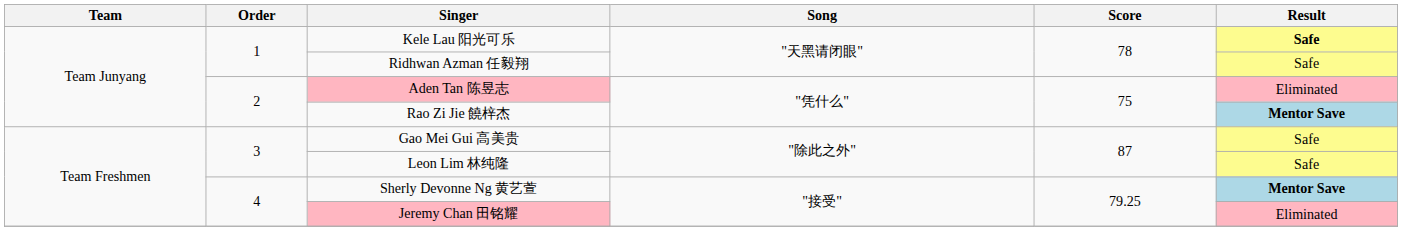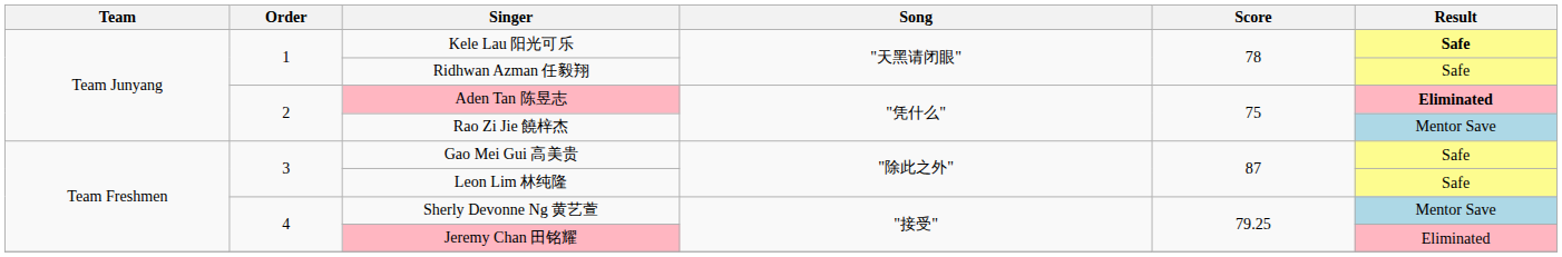 <table class="wikitable" style="text-align:center; width:100%;">
 <tr>
 <th style="width:10%;">Team</th>
 <th style="width:05%;">Order</th>
 <th style="width:15%;">Singer</th>
 <th style="width:21%;">Song</th>
 <th style="width:9%;">Score</th>
 <th style="width:9%;">Result</th>
 </tr>
 <tr>
 <td rowspan="4" scope="row">Team Junyang</td>
 <td rowspan="2" scope="row">1</td>
 <td>Kele Lau 阳光可乐</td>
 <td rowspan="2" scope="row">"天黑请闭眼"</td>
 <td rowspan="2" scope="row">78</td>
 <td style="background:#fdfc8f"><strong>Safe</strong></td>
 </tr>
 <tr>
 <td>Ridhwan Azman 任毅翔</td>
 <td style="background:#fdfc8f">Safe</td>
 </tr>
 <tr>
 <td rowspan="2" scope="row">2</td>
 <td style="background:lightpink">Aden Tan 陈昱志</td>
 <td rowspan="2" scope="row">"凭什么"</td>
 <td rowspan="2" scope="row">75</td>
-<td style="background:lightpink">Eliminated</td>
+<td style="background:lightpink"><strong>Eliminated</strong></td>
 </tr>
 <tr>
 <td>Rao Zi Jie 饒梓杰</td>
-<td style="background:lightblue"><strong>Mentor Save</strong></td>
+<td style="background:lightblue">Mentor Save</td>
 </tr>
 <tr>
 <td rowspan="4" scope="row">Team Freshmen</td>
 <td rowspan="2" scope="row">3</td>
 <td>Gao Mei Gui 高美贵</td>
 <td rowspan="2" scope="row">"除此之外"</td>
 <td rowspan="2" scope="row">87</td>
 <td style="background:#fdfc8f">Safe</td>
 </tr>
 <tr>
 <td>Leon Lim 林纯隆</td>
 <td style="background:#fdfc8f">Safe</td>
 </tr>
 <tr>
 <td rowspan="2" scope="row">4</td>
 <td>Sherly Devonne Ng 黄艺萱</td>
 <td rowspan="2" scope="row">"接受"</td>
 <td rowspan="2" scope="row">79.25</td>
-<td style="background:lightblue"><strong>Mentor Save</strong></td>
+<td style="background:lightblue">Mentor Save</td>
 </tr>
 <tr>
 <td style="background:lightpink">Jeremy Chan 田铭耀</td>
 <td style="background:lightpink">Eliminated</td>
 </tr>
 <tr>
 </tr>
 </table>
